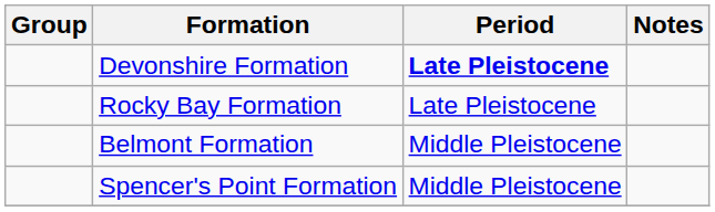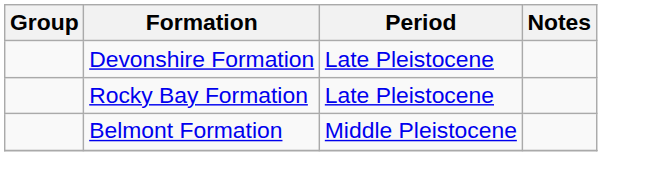 <table class="wikitable sortable">
 <tr>
 <th>Group</th>
 <th>Formation</th>
 <th>Period</th>
 <th class="unsortable">Notes</th>
 </tr>
 <tr>
 <td></td>
 <td><a href='#'>Devonshire Formation</a></td>
-<td style="background-color: "><strong><a href='#'>Late Pleistocene</a></strong></td>
+<td style="background-color: "><a href='#'>Late Pleistocene</a></td>
 <td align=center></td>
 </tr>
 <tr>
 <td></td>
 <td><a href='#'>Rocky Bay Formation</a></td>
 <td style="background-color: "><a href='#'>Late Pleistocene</a></td>
 <td align=center></td>
 </tr>
 <tr>
 <td></td>
 <td><a href='#'>Belmont Formation</a></td>
 <td style="background-color: "><a href='#'>Middle Pleistocene</a></td>
 <td align=center></td>
 </tr>
 <tr>
-<td></td>
-<td><a href='#'>Spencer's Point Formation</a></td>
-<td style="background-color: "><a href='#'>Middle Pleistocene</a></td>
-<td align=center></td>
-</tr>
-<tr>
 </tr>
 </table>
